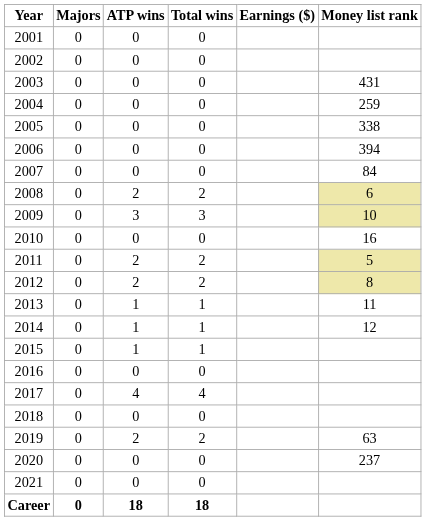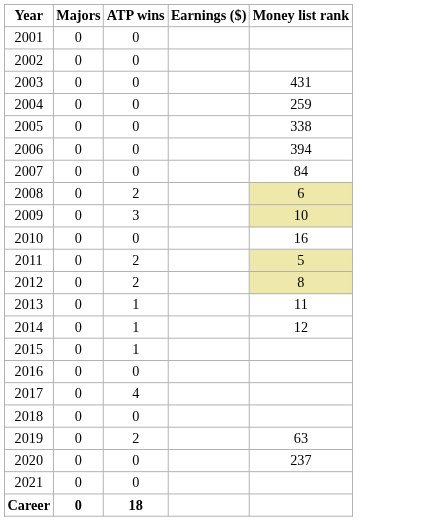 <table cellpadding=3 cellspacing=0 border=1 style=font-size:100%;border:#aaa;solid:1;border-collapse:collapse;text-align:center>
 <tr>
 <th>Year</th>
 <th>Majors</th>
 <th>ATP wins</th>
-<th>Total wins</th>
 <th>Earnings ($)</th>
 <th>Money list rank</th>
 </tr>
 <tr>
 <td>2001</td>
-<td>0</td>
 <td>0</td>
 <td>0</td>
 <td align=right></td>
 <td></td>
 </tr>
 <tr>
 <td>2002</td>
 <td>0</td>
 <td>0</td>
-<td>0</td>
 <td align=right></td>
 <td></td>
 </tr>
 <tr>
 <td>2003</td>
-<td>0</td>
 <td>0</td>
 <td>0</td>
 <td align=right></td>
 <td>431</td>
 </tr>
 <tr>
 <td>2004</td>
 <td>0</td>
 <td>0</td>
-<td>0</td>
 <td align=right></td>
 <td>259</td>
 </tr>
 <tr>
 <td>2005</td>
-<td>0</td>
 <td>0</td>
 <td>0</td>
 <td align=right></td>
 <td>338</td>
 </tr>
 <tr>
 <td>2006</td>
 <td>0</td>
 <td>0</td>
-<td>0</td>
 <td align=right></td>
 <td>394</td>
 </tr>
 <tr>
 <td>2007</td>
-<td>0</td>
 <td>0</td>
 <td>0</td>
 <td align=right></td>
 <td>84</td>
 </tr>
 <tr>
 <td>2008</td>
 <td>0</td>
 <td>2</td>
-<td>2</td>
 <td align=right></td>
 <td bgcolor=eee8aa>6</td>
 </tr>
 <tr>
 <td>2009</td>
 <td>0</td>
 <td>3</td>
-<td>3</td>
 <td align=right></td>
 <td bgcolor=eee8aa>10</td>
 </tr>
 <tr>
 <td>2010</td>
-<td>0</td>
 <td>0</td>
 <td>0</td>
 <td align=right></td>
 <td>16</td>
 </tr>
 <tr>
 <td>2011</td>
 <td>0</td>
 <td>2</td>
-<td>2</td>
 <td align=right></td>
 <td bgcolor=eee8aa>5</td>
 </tr>
 <tr>
 <td>2012</td>
 <td>0</td>
-<td>2</td>
 <td>2</td>
 <td align=right></td>
 <td bgcolor=eee8aa>8</td>
 </tr>
 <tr>
 <td>2013</td>
 <td>0</td>
 <td>1</td>
-<td>1</td>
 <td align=right></td>
 <td>11</td>
 </tr>
 <tr>
 <td>2014</td>
 <td>0</td>
-<td>1</td>
 <td>1</td>
 <td align=right></td>
 <td>12</td>
 </tr>
 <tr>
 <td>2015</td>
 <td>0</td>
 <td>1</td>
-<td>1</td>
 <td align=right></td>
 <td></td>
 </tr>
 <tr>
 <td>2016</td>
-<td>0</td>
 <td>0</td>
 <td>0</td>
 <td align=right></td>
 <td></td>
 </tr>
 <tr>
 <td>2017</td>
 <td>0</td>
 <td>4</td>
-<td>4</td>
 <td align=right></td>
 <td></td>
 </tr>
 <tr>
 <td>2018</td>
-<td>0</td>
 <td>0</td>
 <td>0</td>
 <td align=right></td>
 <td></td>
 </tr>
 <tr>
 <td>2019</td>
 <td>0</td>
 <td>2</td>
-<td>2</td>
 <td align=right></td>
 <td>63</td>
 </tr>
 <tr>
 <td>2020</td>
-<td>0</td>
 <td>0</td>
 <td>0</td>
 <td align=right></td>
 <td>237</td>
 </tr>
 <tr>
 <td>2021</td>
 <td>0</td>
 <td>0</td>
-<td>0</td>
 <td align=right></td>
 <th></th>
 </tr>
 <tr>
 <th>Career</th>
 <th>0</th>
 <th>18</th>
-<th>18</th>
 <th align=right></th>
 <th align=centre></th>
 </tr>
 </table>
